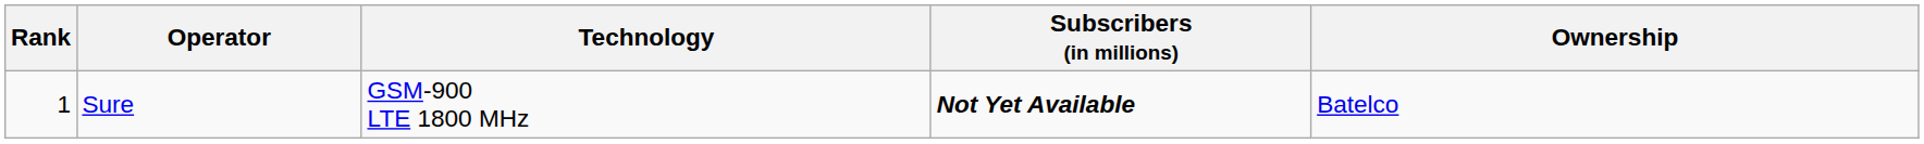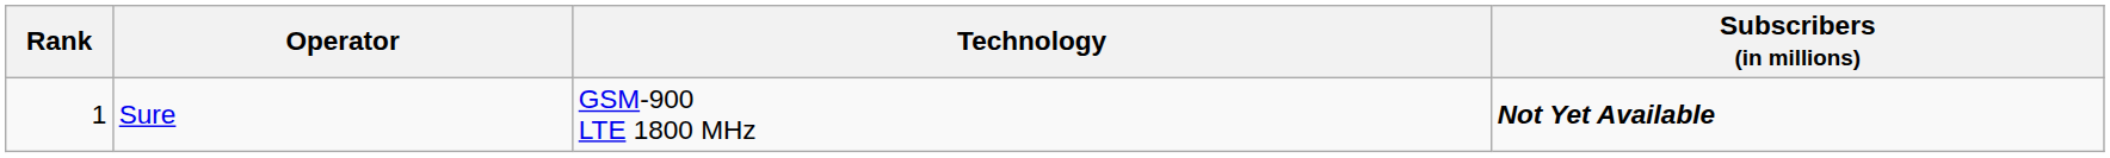 <table class="wikitable">
 <tr>
 <th style="width:3%;">Rank</th>
 <th style="width:15%;">Operator</th>
 <th style="width:30%;">Technology</th>
 <th style="width:20%;">Subscribers<br><small>(in millions)</small></th>
-<th style="width:32%;">Ownership</th>
 </tr>
 <tr>
 <td align="right">1</td>
 <td><a href='#'>Sure</a></td>
 <td><a href='#'>GSM</a>-900<br><a href='#'>LTE</a> 1800 MHz</td>
 <td><strong><em>Not Yet Available</em></strong></td>
-<td><a href='#'>Batelco</a></td>
 </tr>
 </table>
